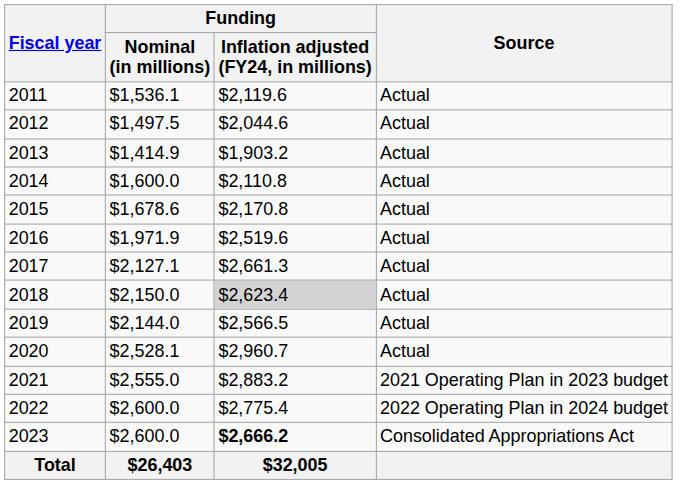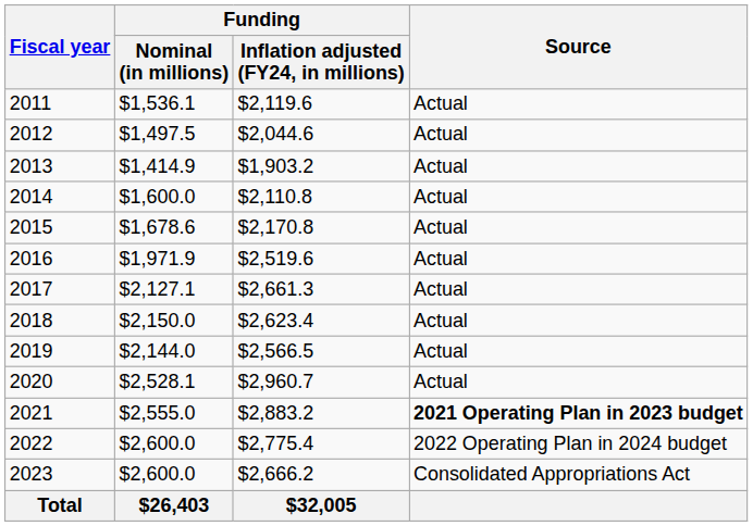 <table class="wikitable plainrowheaders">
 <tr>
 <th rowspan=2 scope="col"><a href='#'>Fiscal year</a></th>
 <th colspan=2 scope="col">Funding</th>
 <th rowspan=2 scope="col">Source</th>
 </tr>
 <tr>
 <th scope="col">Nominal<br>(in millions)</th>
 <th scope="col">Inflation adjusted<br>(FY24, in millions)</th>
 </tr>
 <tr>
 <td scope="row">2011</td>
 <td>$1,536.1</td>
 <td>$2,119.6</td>
 <td>Actual</td>
 </tr>
 <tr>
 <td scope="row">2012</td>
 <td>$1,497.5</td>
 <td>$2,044.6</td>
 <td>Actual</td>
 </tr>
 <tr>
 <td scope="row">2013</td>
 <td>$1,414.9</td>
 <td>$1,903.2</td>
 <td>Actual</td>
 </tr>
 <tr>
 <td scope="row">2014</td>
 <td>$1,600.0</td>
 <td>$2,110.8</td>
 <td>Actual</td>
 </tr>
 <tr>
 <td scope="row">2015</td>
 <td>$1,678.6</td>
 <td>$2,170.8</td>
 <td>Actual</td>
 </tr>
 <tr>
 <td scope="row">2016</td>
 <td>$1,971.9</td>
 <td>$2,519.6</td>
 <td>Actual</td>
 </tr>
 <tr>
 <td scope="row">2017</td>
 <td>$2,127.1</td>
 <td>$2,661.3</td>
 <td>Actual</td>
 </tr>
 <tr>
 <td scope="row">2018</td>
 <td>$2,150.0</td>
-<td style="background: lightgrey;">$2,623.4</td>
+<td>$2,623.4</td>
 <td>Actual</td>
 </tr>
 <tr>
 <td scope="row">2019</td>
 <td>$2,144.0</td>
 <td>$2,566.5</td>
 <td>Actual</td>
 </tr>
 <tr>
 <td scope="row">2020</td>
 <td>$2,528.1</td>
 <td>$2,960.7</td>
 <td>Actual</td>
 </tr>
 <tr>
 <td scope="row">2021</td>
 <td>$2,555.0</td>
 <td>$2,883.2</td>
-<td>2021 Operating Plan in 2023 budget</td>
+<td><strong>2021 Operating Plan in 2023 budget</strong></td>
 </tr>
 <tr>
 <td scope="row">2022</td>
 <td>$2,600.0</td>
 <td>$2,775.4</td>
 <td>2022 Operating Plan in 2024 budget</td>
 </tr>
 <tr>
 <td>2023</td>
 <td>$2,600.0</td>
-<td><strong>$2,666.2</strong></td>
+<td>$2,666.2</td>
 <td>Consolidated Appropriations Act</td>
 </tr>
 <tr>
 <th>Total</th>
 <th scope="col">$26,403</th>
 <th scope="col">$32,005</th>
 <th></th>
 </tr>
 </table>
